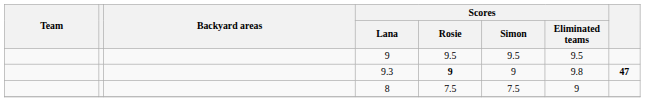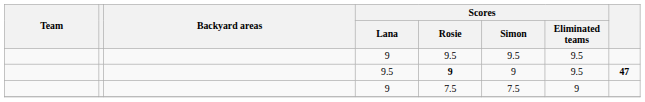 <table class="wikitable plainrowheaders" style="text-align:center; font-size:90%; width:65em;">
 <tr>
 <th rowspan="2">Team</th>
 <th rowspan="2"></th>
 <th rowspan="2" style="width:40%;">Backyard areas</th>
 <th colspan="4" style="width:30%;">Scores</th>
 <th rowspan="2" style="width:15%;"></th>
 </tr>
 <tr>
 <th style="width:10%;">Lana</th>
 <th style="width:10%;">Rosie</th>
 <th style="width:10%;">Simon</th>
 <th style="width:10%;">Eliminated teams</th>
 </tr>
 <tr>
 <td style="width:15%;"></td>
 <td></td>
 <td></td>
 <td>9</td>
 <td>9.5</td>
 <td>9.5</td>
 <td>9.5</td>
 <td></td>
 </tr>
 <tr>
 <td style="width:15%;"></td>
 <td></td>
 <td></td>
-<td>9.3</td>
+<td>9.5</td>
 <td><strong>9</strong></td>
 <td>9</td>
-<td>9.8</td>
+<td>9.5</td>
 <td><strong>47</strong></td>
 </tr>
 <tr>
 <td style="width:15%;"></td>
 <td></td>
 <td></td>
-<td>8</td>
+<td>9</td>
 <td>7.5</td>
 <td>7.5</td>
 <td>9</td>
 <td></td>
 </tr>
 <tr>
 </tr>
 </table>
